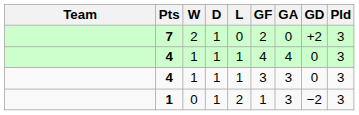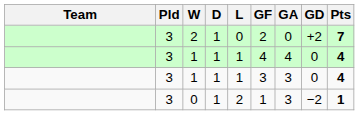 <table class="wikitable" style="text-align:center">
 <tr>
 <th width="175">Team</th>
-<th width="20">Pts</th>
+<th width="20">Pld</th>
 <th width="20">W</th>
 <th width="20">D</th>
 <th width="20">L</th>
 <th width="20">GF</th>
 <th width="20">GA</th>
 <th width="20">GD</th>
-<th width="20">Pld</th>
+<th width="20">Pts</th>
 </tr>
 <tr bgcolor="#ccffcc">
 <td align=left></td>
-<td><strong>7</strong></td>
+<td>3</td>
 <td>2</td>
 <td>1</td>
 <td>0</td>
 <td>2</td>
 <td>0</td>
 <td>+2</td>
-<td>3</td>
+<td><strong>7</strong></td>
 </tr>
 <tr bgcolor="#ccffcc">
 <td align=left></td>
-<td><strong>4</strong></td>
+<td>3</td>
 <td>1</td>
 <td>1</td>
 <td>1</td>
 <td>4</td>
 <td>4</td>
 <td>0</td>
-<td>3</td>
+<td><strong>4</strong></td>
 </tr>
 <tr>
 <td align=left></td>
-<td><strong>4</strong></td>
+<td>3</td>
 <td>1</td>
 <td>1</td>
 <td>1</td>
 <td>3</td>
 <td>3</td>
 <td>0</td>
-<td>3</td>
+<td><strong>4</strong></td>
 </tr>
 <tr>
 <td align=left></td>
-<td><strong>1</strong></td>
+<td>3</td>
 <td>0</td>
 <td>1</td>
 <td>2</td>
 <td>1</td>
 <td>3</td>
 <td>−2</td>
-<td>3</td>
+<td><strong>1</strong></td>
 </tr>
 </table>
